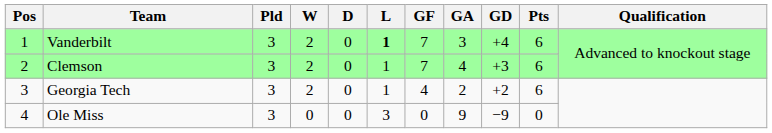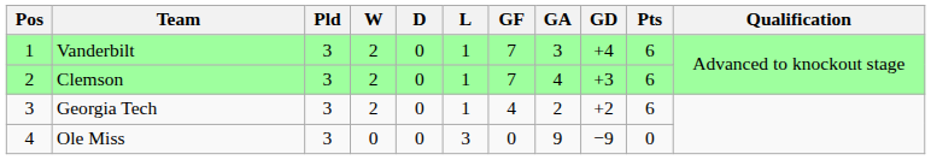 <table class="wikitable" style="text-align:center; margin: 1em auto">
 <tr>
 <th style="width:2em">Pos</th>
 <th style="width:13em">Team</th>
 <th style="width:2em">Pld</th>
 <th style="width:2em">W</th>
 <th style="width:2em">D</th>
 <th style="width:2em">L</th>
 <th style="width:2em">GF</th>
 <th style="width:2em">GA</th>
 <th style="width:2em">GD</th>
 <th style="width:2em">Pts</th>
 <th style="width:13em">Qualification</th>
 </tr>
 <tr bgcolor="#9eff9e">
 <td>1</td>
 <td style="text-align:left">Vanderbilt</td>
 <td>3</td>
 <td>2</td>
 <td>0</td>
-<td><strong>1</strong></td>
+<td>1</td>
 <td>7</td>
 <td>3</td>
 <td>+4</td>
 <td>6</td>
 <td rowspan="2">Advanced to knockout stage</td>
 </tr>
 <tr bgcolor="#9eff9e">
 <td>2</td>
 <td style="text-align:left">Clemson</td>
 <td>3</td>
 <td>2</td>
 <td>0</td>
 <td>1</td>
 <td>7</td>
 <td>4</td>
 <td>+3</td>
 <td>6</td>
 </tr>
 <tr>
 <td>3</td>
 <td style="text-align:left">Georgia Tech</td>
 <td>3</td>
 <td>2</td>
 <td>0</td>
 <td>1</td>
 <td>4</td>
 <td>2</td>
 <td>+2</td>
 <td>6</td>
 <td rowspan="2"></td>
 </tr>
 <tr>
 <td>4</td>
 <td style="text-align:left">Ole Miss</td>
 <td>3</td>
 <td>0</td>
 <td>0</td>
 <td>3</td>
 <td>0</td>
 <td>9</td>
 <td>−9</td>
 <td>0</td>
 </tr>
 </table>
